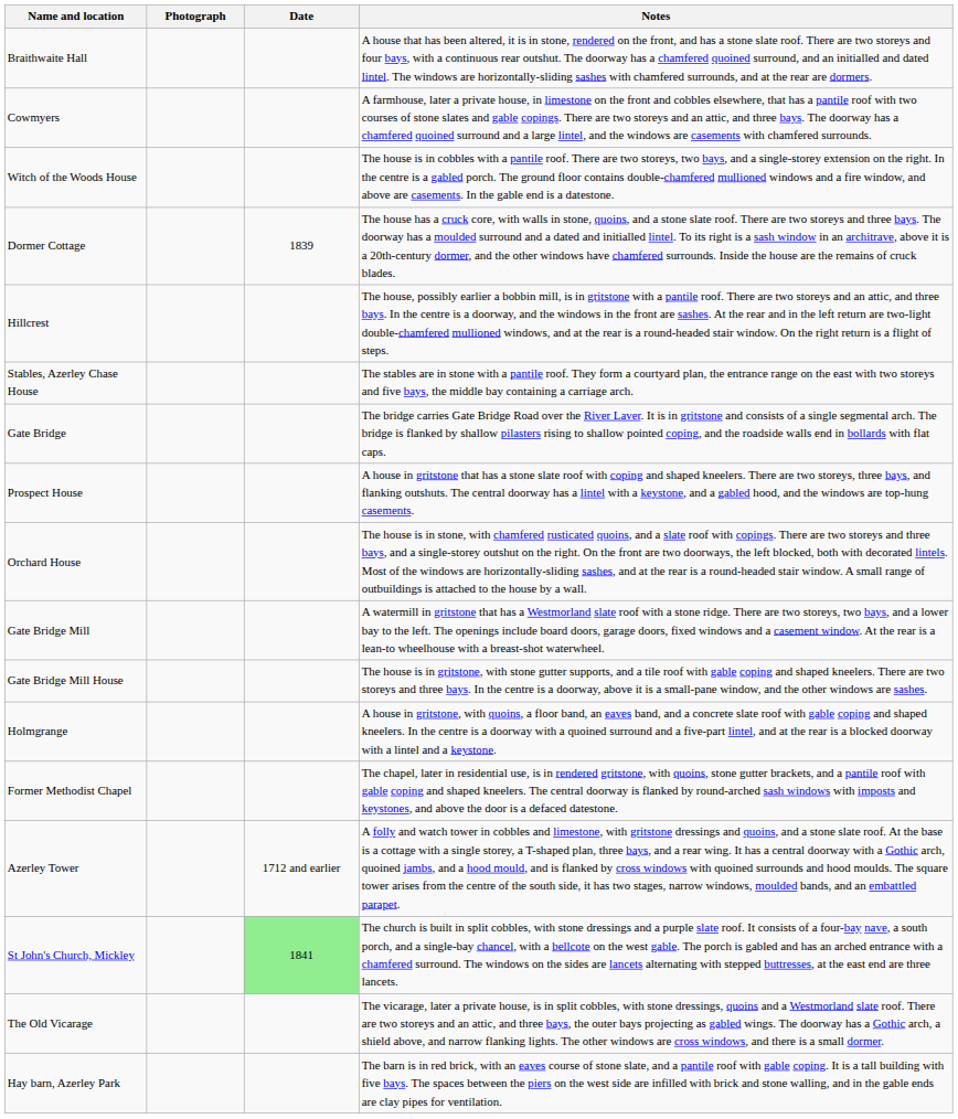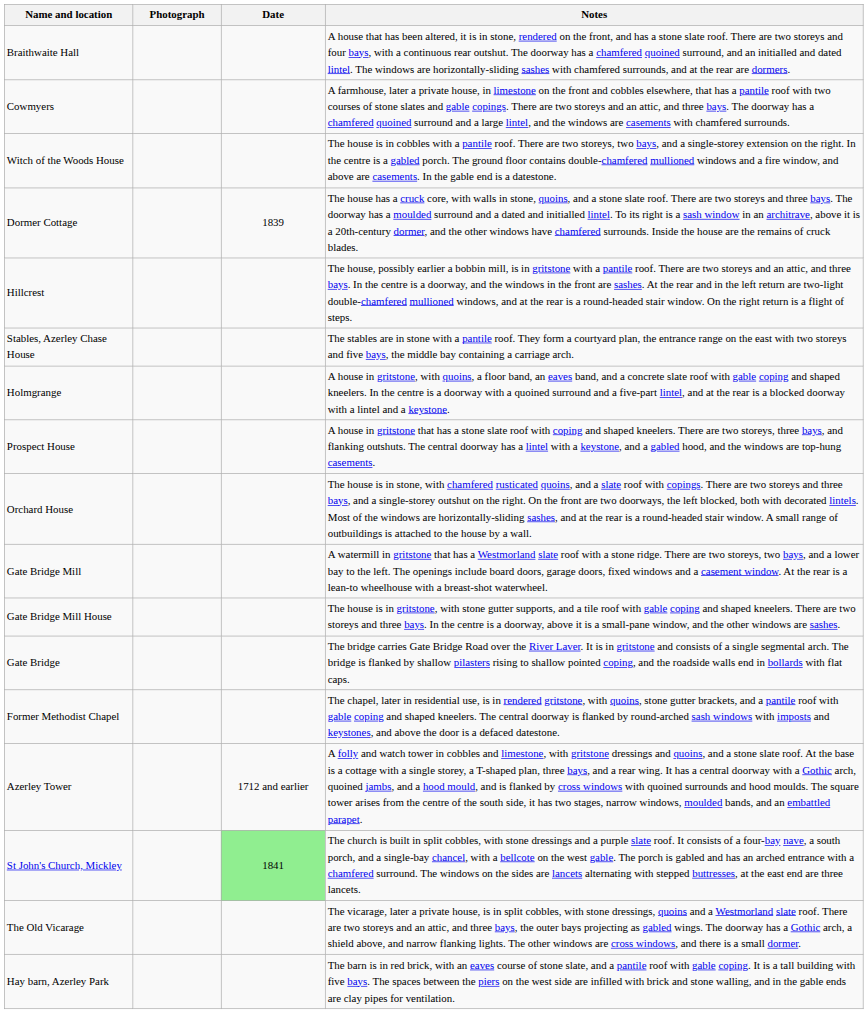 <table class="wikitable sortable plainrowheaders" style="width:100%;border:0px;text-align:left;line-height:150%;">
 <tr>
 <th scope="col"  style="width:150px">Name and location</th>
 <th scope="col"  style="width:100px" class="unsortable">Photograph</th>
 <th scope="col"  style="width:120px">Date</th>
 <th scope="col"  style="width:650px" class="unsortable">Notes</th>
 </tr>
 <tr>
 <td>Braithwaite Hall<br><small></small></td>
 <td></td>
 <td align="center"></td>
 <td>A house that has been altered, it is in stone, <a href='#'>rendered</a> on the front, and has a stone slate roof.  There are two storeys and four <a href='#'>bays</a>, with a continuous rear outshut.  The doorway has a <a href='#'>chamfered</a> <a href='#'>quoined</a> surround, and an initialled and dated <a href='#'>lintel</a>.  The windows are horizontally-sliding <a href='#'>sashes</a> with chamfered surrounds, and at the rear are <a href='#'>dormers</a>.</td>
 </tr>
 <tr>
 <td>Cowmyers<br><small></small></td>
 <td></td>
 <td align="center"></td>
 <td>A farmhouse, later a private house, in <a href='#'>limestone</a> on the front and cobbles elsewhere, that has a <a href='#'>pantile</a> roof with two courses of stone slates and <a href='#'>gable</a> <a href='#'>copings</a>.  There are two storeys and an attic, and three <a href='#'>bays</a>.  The doorway has a <a href='#'>chamfered</a> <a href='#'>quoined</a> surround and a large <a href='#'>lintel</a>, and the windows are <a href='#'>casements</a> with chamfered surrounds.</td>
 </tr>
 <tr>
 <td>Witch of the Woods House<br><small></small></td>
 <td></td>
 <td align="center"></td>
 <td>The house is in cobbles with a <a href='#'>pantile</a> roof.  There are two storeys, two <a href='#'>bays</a>, and a single-storey extension on the right.  In the centre is a <a href='#'>gabled</a> porch.  The ground floor contains double-<a href='#'>chamfered</a> <a href='#'>mullioned</a> windows and a fire window, and above are <a href='#'>casements</a>.  In the gable end is a datestone.</td>
 </tr>
 <tr>
 <td>Dormer Cottage<br><small></small></td>
 <td></td>
 <td align="center">1839</td>
 <td>The house has a <a href='#'>cruck</a> core, with walls in stone, <a href='#'>quoins</a>, and a stone slate roof.  There are two storeys and three <a href='#'>bays</a>.  The doorway has a <a href='#'>moulded</a> surround and a dated and initialled <a href='#'>lintel</a>.  To its right is a <a href='#'>sash window</a> in an <a href='#'>architrave</a>, above it is a 20th-century <a href='#'>dormer</a>, and the other windows have <a href='#'>chamfered</a> surrounds.  Inside the house are the remains of cruck blades.</td>
 </tr>
 <tr>
 <td>Hillcrest<br><small></small></td>
 <td></td>
 <td align="center"></td>
 <td>The house, possibly earlier a bobbin mill, is in <a href='#'>gritstone</a> with a <a href='#'>pantile</a> roof.  There are two storeys and an attic, and three <a href='#'>bays</a>.  In the centre is a doorway, and the windows in the front are <a href='#'>sashes</a>.  At the rear and in the left return are two-light double-<a href='#'>chamfered</a> <a href='#'>mullioned</a> windows, and at the rear is a round-headed stair window.  On the right return is a flight of steps.</td>
 </tr>
 <tr>
 <td>Stables, Azerley Chase House<br><small></small></td>
 <td></td>
 <td align="center"></td>
 <td>The stables are in stone with a <a href='#'>pantile</a> roof.  They form a courtyard plan, the entrance range on the east with two storeys and five <a href='#'>bays</a>, the middle bay containing a carriage arch.</td>
 </tr>
 <tr>
-<td>Gate Bridge<br><small></small></td>
+<td>Holmgrange<br><small></small></td>
 <td></td>
 <td align="center"></td>
-<td>The bridge carries Gate Bridge Road over the <a href='#'>River Laver</a>.  It is in <a href='#'>gritstone</a> and consists of a single segmental arch.  The bridge is flanked by shallow <a href='#'>pilasters</a> rising to shallow pointed <a href='#'>coping</a>, and the roadside walls end in <a href='#'>bollards</a> with flat caps.</td>
+<td>A house in <a href='#'>gritstone</a>, with <a href='#'>quoins</a>, a floor band, an <a href='#'>eaves</a> band, and a concrete slate roof with <a href='#'>gable</a> <a href='#'>coping</a> and shaped kneelers.  In the centre is a doorway with a quoined surround and a five-part <a href='#'>lintel</a>, and at the rear is a blocked doorway with a lintel and a <a href='#'>keystone</a>.</td>
 </tr>
 <tr>
 <td>Prospect House<br><small></small></td>
 <td></td>
 <td align="center"></td>
 <td>A house in <a href='#'>gritstone</a> that has a stone slate roof with <a href='#'>coping</a> and shaped kneelers.  There are two storeys, three <a href='#'>bays</a>, and flanking outshuts.  The central doorway has a <a href='#'>lintel</a> with a <a href='#'>keystone</a>, and a <a href='#'>gabled</a> hood, and the windows are top-hung <a href='#'>casements</a>.</td>
 </tr>
 <tr>
 <td>Orchard House<br><small></small></td>
 <td></td>
 <td align="center"></td>
 <td>The house is in stone, with <a href='#'>chamfered</a> <a href='#'>rusticated</a> <a href='#'>quoins</a>, and a <a href='#'>slate</a> roof with <a href='#'>copings</a>.  There are two storeys and three <a href='#'>bays</a>, and a single-storey outshut on the right.  On the front are two doorways, the left blocked, both with decorated <a href='#'>lintels</a>.  Most of the windows are horizontally-sliding <a href='#'>sashes</a>, and at the rear is a round-headed stair window.  A small range of outbuildings is attached to the house by a wall.</td>
 </tr>
 <tr>
 <td>Gate Bridge Mill<br><small></small></td>
 <td></td>
 <td align="center"></td>
 <td>A watermill in <a href='#'>gritstone</a> that has a <a href='#'>Westmorland</a> <a href='#'>slate</a> roof with a stone ridge.  There are two storeys, two <a href='#'>bays</a>, and a lower bay to the left.  The openings include board doors, garage doors, fixed windows and a <a href='#'>casement window</a>.  At the rear is a lean-to wheelhouse with a breast-shot waterwheel.</td>
 </tr>
 <tr>
 <td>Gate Bridge Mill House<br><small></small></td>
 <td></td>
 <td align="center"></td>
 <td>The house is in <a href='#'>gritstone</a>, with stone gutter supports, and a tile roof with <a href='#'>gable</a> <a href='#'>coping</a> and shaped kneelers.  There are two storeys and three <a href='#'>bays</a>.  In the centre is a doorway, above it is a small-pane window, and the other windows are <a href='#'>sashes</a>.</td>
 </tr>
 <tr>
-<td>Holmgrange<br><small></small></td>
+<td>Gate Bridge<br><small></small></td>
 <td></td>
 <td align="center"></td>
-<td>A house in <a href='#'>gritstone</a>, with <a href='#'>quoins</a>, a floor band, an <a href='#'>eaves</a> band, and a concrete slate roof with <a href='#'>gable</a> <a href='#'>coping</a> and shaped kneelers.  In the centre is a doorway with a quoined surround and a five-part <a href='#'>lintel</a>, and at the rear is a blocked doorway with a lintel and a <a href='#'>keystone</a>.</td>
+<td>The bridge carries Gate Bridge Road over the <a href='#'>River Laver</a>.  It is in <a href='#'>gritstone</a> and consists of a single segmental arch.  The bridge is flanked by shallow <a href='#'>pilasters</a> rising to shallow pointed <a href='#'>coping</a>, and the roadside walls end in <a href='#'>bollards</a> with flat caps.</td>
 </tr>
 <tr>
 <td>Former Methodist Chapel<br><small></small></td>
 <td></td>
 <td align="center"></td>
 <td>The chapel, later in residential use, is in <a href='#'>rendered</a> <a href='#'>gritstone</a>, with <a href='#'>quoins</a>, stone gutter brackets, and a <a href='#'>pantile</a> roof with <a href='#'>gable</a> <a href='#'>coping</a> and shaped kneelers.  The central doorway is flanked by round-arched <a href='#'>sash windows</a> with <a href='#'>imposts</a> and <a href='#'>keystones</a>, and above the door is a defaced datestone.</td>
 </tr>
 <tr>
 <td>Azerley Tower<br><small></small></td>
 <td></td>
 <td align="center">1712 and earlier</td>
 <td>A <a href='#'>folly</a> and watch tower in cobbles and <a href='#'>limestone</a>, with <a href='#'>gritstone</a> dressings and <a href='#'>quoins</a>, and a stone slate roof.  At the base is a cottage with a single storey, a T-shaped plan, three <a href='#'>bays</a>, and a rear wing.  It has a central doorway with a <a href='#'>Gothic</a> arch, quoined <a href='#'>jambs</a>, and a <a href='#'>hood mould</a>, and is flanked by <a href='#'>cross windows</a> with quoined surrounds and hood moulds.  The square tower arises from the centre of the south side, it has two stages, narrow windows, <a href='#'>moulded</a> bands, and an <a href='#'>embattled</a> <a href='#'>parapet</a>.</td>
 </tr>
 <tr>
 <td><a href='#'>St John's Church, Mickley</a><br><small></small></td>
 <td></td>
 <td align="center" style="background: lightgreen;">1841</td>
 <td>The church is built in split cobbles, with stone dressings and a purple <a href='#'>slate</a> roof.  It consists of a four-<a href='#'>bay</a> <a href='#'>nave</a>, a south porch, and a single-bay <a href='#'>chancel</a>, with a <a href='#'>bellcote</a> on the west <a href='#'>gable</a>.  The porch is gabled and has an arched entrance with a <a href='#'>chamfered</a> surround.  The windows on the sides are <a href='#'>lancets</a> alternating with stepped <a href='#'>buttresses</a>, at the east end are three lancets.</td>
 </tr>
 <tr>
 <td>The Old Vicarage<br><small></small></td>
 <td></td>
 <td align="center"></td>
 <td>The vicarage, later a private house, is in split cobbles, with stone dressings, <a href='#'>quoins</a> and a <a href='#'>Westmorland</a> <a href='#'>slate</a> roof.  There are two storeys and an attic,  and three <a href='#'>bays</a>, the outer bays projecting as <a href='#'>gabled</a> wings.  The doorway has a <a href='#'>Gothic</a> arch, a shield above, and narrow flanking lights.  The other windows are <a href='#'>cross windows</a>, and there is a small <a href='#'>dormer</a>.</td>
 </tr>
 <tr>
 <td>Hay barn, Azerley Park<br><small></small></td>
 <td></td>
 <td align="center"></td>
 <td>The barn is in red brick, with an <a href='#'>eaves</a> course of stone slate, and a <a href='#'>pantile</a> roof with <a href='#'>gable</a> <a href='#'>coping</a>.  It is a tall building with five <a href='#'>bays</a>.  The spaces between the <a href='#'>piers</a> on the west side are infilled with brick and stone walling, and in the gable ends are clay pipes for ventilation.</td>
 </tr>
 <tr>
 </tr>
 </table>
